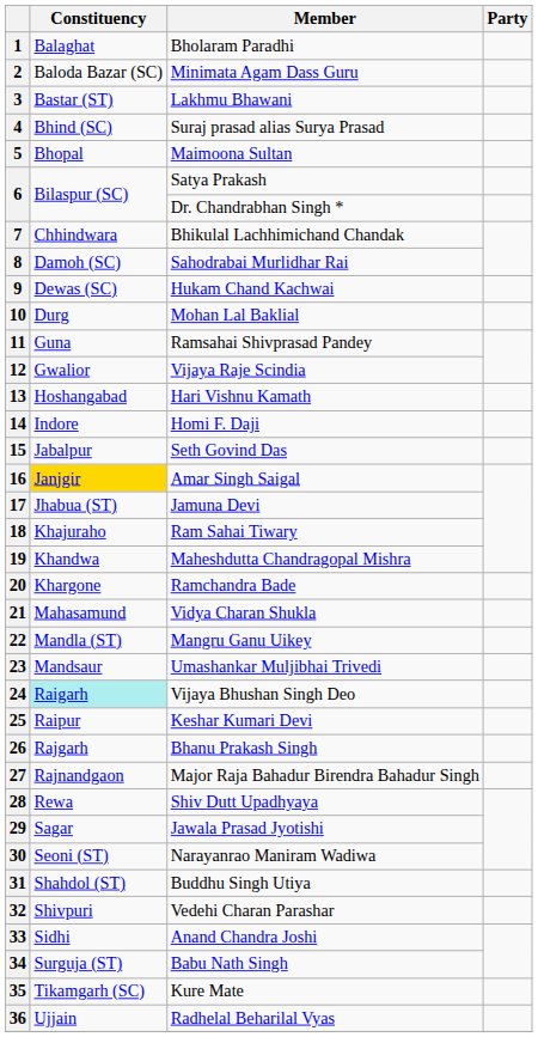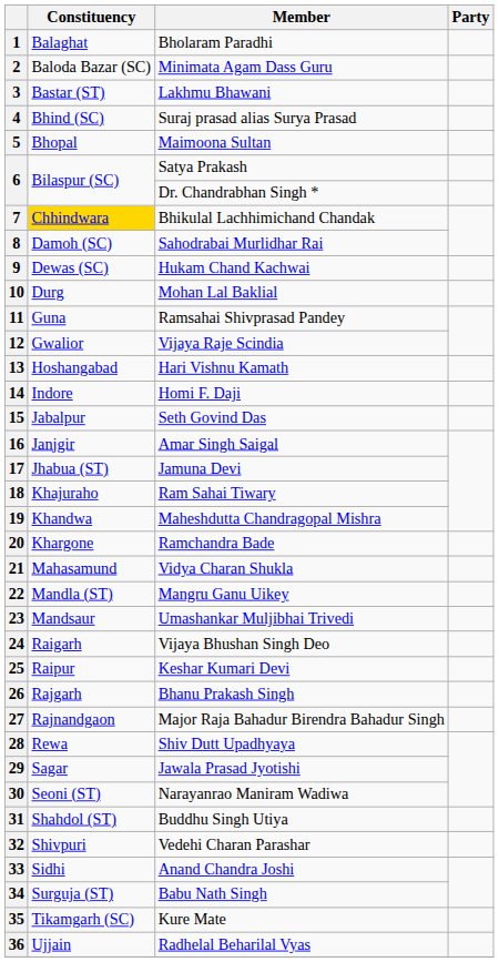 <table class="wikitable sortable">
 <tr>
 <th></th>
 <th>Constituency</th>
 <th>Member</th>
 <th colspan=2>Party</th>
 </tr>
 <tr>
 <th>1</th>
 <td><a href='#'>Balaghat</a></td>
 <td>Bholaram Paradhi</td>
 <td></td>
 </tr>
 <tr>
 <th>2</th>
 <td>Baloda Bazar (SC)</td>
 <td><a href='#'>Minimata Agam Dass Guru</a></td>
 <td></td>
 </tr>
 <tr>
 <th>3</th>
 <td><a href='#'>Bastar (ST)</a></td>
 <td><a href='#'>Lakhmu Bhawani</a></td>
 <td></td>
 </tr>
 <tr>
 <th>4</th>
 <td><a href='#'>Bhind (SC)</a></td>
 <td>Suraj prasad alias Surya Prasad</td>
 <td></td>
 </tr>
 <tr>
 <th>5</th>
 <td><a href='#'>Bhopal</a></td>
 <td><a href='#'>Maimoona Sultan</a></td>
 </tr>
 <tr>
 <th rowspan=2>6</th>
 <td rowspan=2><a href='#'>Bilaspur (SC)</a></td>
 <td>Satya Prakash</td>
 <td></td>
 </tr>
 <tr>
 <td>Dr. Chandrabhan Singh *</td>
 <td></td>
 </tr>
 <tr>
 <th>7</th>
-<td><a href='#'>Chhindwara</a></td>
+<td style="background: gold;"><a href='#'>Chhindwara</a></td>
 <td>Bhikulal Lachhimichand Chandak</td>
 </tr>
 <tr>
 <th>8</th>
 <td><a href='#'>Damoh (SC)</a></td>
 <td><a href='#'>Sahodrabai Murlidhar Rai</a></td>
 </tr>
 <tr>
 <th>9</th>
 <td><a href='#'>Dewas (SC)</a></td>
 <td><a href='#'>Hukam Chand Kachwai</a></td>
 <td></td>
 </tr>
 <tr>
 <th>10</th>
 <td><a href='#'>Durg</a></td>
 <td><a href='#'>Mohan Lal Baklial</a></td>
 <td></td>
 </tr>
 <tr>
 <th>11</th>
 <td><a href='#'>Guna</a></td>
 <td>Ramsahai Shivprasad Pandey</td>
 </tr>
 <tr>
 <th>12</th>
 <td><a href='#'>Gwalior</a></td>
 <td><a href='#'>Vijaya Raje Scindia</a></td>
 </tr>
 <tr>
 <th>13</th>
 <td><a href='#'>Hoshangabad</a></td>
 <td><a href='#'>Hari Vishnu Kamath</a></td>
 <td></td>
 </tr>
 <tr>
 <th>14</th>
 <td><a href='#'>Indore</a></td>
 <td><a href='#'>Homi F. Daji</a></td>
 <td></td>
 </tr>
 <tr>
 <th>15</th>
 <td><a href='#'>Jabalpur</a></td>
 <td><a href='#'>Seth Govind Das</a></td>
 <td></td>
 </tr>
 <tr>
 <th>16</th>
-<td style="background: gold;"><a href='#'>Janjgir</a></td>
+<td><a href='#'>Janjgir</a></td>
 <td><a href='#'>Amar Singh Saigal</a></td>
 </tr>
 <tr>
 <th>17</th>
 <td><a href='#'>Jhabua (ST)</a></td>
 <td><a href='#'>Jamuna Devi</a></td>
 </tr>
 <tr>
 <th>18</th>
 <td><a href='#'>Khajuraho</a></td>
 <td><a href='#'>Ram Sahai Tiwary</a></td>
 </tr>
 <tr>
 <th>19</th>
 <td><a href='#'>Khandwa</a></td>
 <td><a href='#'>Maheshdutta Chandragopal Mishra</a></td>
 </tr>
 <tr>
 <th>20</th>
 <td><a href='#'>Khargone</a></td>
 <td><a href='#'>Ramchandra Bade</a></td>
 <td></td>
 </tr>
 <tr>
 <th>21</th>
 <td><a href='#'>Mahasamund</a></td>
 <td><a href='#'>Vidya Charan Shukla</a></td>
 <td></td>
 </tr>
 <tr>
 <th>22</th>
 <td><a href='#'>Mandla (ST)</a></td>
 <td><a href='#'>Mangru Ganu Uikey</a></td>
 </tr>
 <tr>
 <th>23</th>
 <td><a href='#'>Mandsaur</a></td>
 <td><a href='#'>Umashankar Muljibhai Trivedi</a></td>
 <td></td>
 </tr>
 <tr>
 <th>24</th>
-<td style="background: paleturquoise;"><a href='#'>Raigarh</a></td>
+<td><a href='#'>Raigarh</a></td>
 <td>Vijaya Bhushan Singh Deo</td>
 <td></td>
 </tr>
 <tr>
 <th>25</th>
 <td><a href='#'>Raipur</a></td>
 <td><a href='#'>Keshar Kumari Devi</a></td>
 <td></td>
 </tr>
 <tr>
 <th>26</th>
 <td><a href='#'>Rajgarh</a></td>
 <td><a href='#'>Bhanu Prakash Singh</a></td>
 <td></td>
 </tr>
 <tr>
 <th>27</th>
 <td><a href='#'>Rajnandgaon</a></td>
 <td>Major Raja Bahadur Birendra Bahadur Singh</td>
 <td></td>
 </tr>
 <tr>
 <th>28</th>
 <td><a href='#'>Rewa</a></td>
 <td><a href='#'>Shiv Dutt Upadhyaya</a></td>
 </tr>
 <tr>
 <th>29</th>
 <td><a href='#'>Sagar</a></td>
 <td><a href='#'>Jawala Prasad Jyotishi</a></td>
 </tr>
 <tr>
 <th>30</th>
 <td><a href='#'>Seoni (ST)</a></td>
 <td>Narayanrao Maniram Wadiwa</td>
 </tr>
 <tr>
 <th>31</th>
 <td><a href='#'>Shahdol (ST)</a></td>
 <td>Buddhu Singh Utiya</td>
 <td></td>
 </tr>
 <tr>
 <th>32</th>
 <td><a href='#'>Shivpuri</a></td>
 <td>Vedehi Charan Parashar</td>
 <td></td>
 </tr>
 <tr>
 <th>33</th>
 <td><a href='#'>Sidhi</a></td>
 <td><a href='#'>Anand Chandra Joshi</a></td>
 </tr>
 <tr>
 <th>34</th>
 <td><a href='#'>Surguja (ST)</a></td>
 <td><a href='#'>Babu Nath Singh</a></td>
 </tr>
 <tr>
 <th>35</th>
 <td><a href='#'>Tikamgarh (SC)</a></td>
 <td>Kure Mate</td>
 <td></td>
 </tr>
 <tr>
 <th>36</th>
 <td><a href='#'>Ujjain</a></td>
 <td><a href='#'>Radhelal Beharilal Vyas</a></td>
 <td></td>
 </tr>
 <tr>
 </tr>
 </table>
